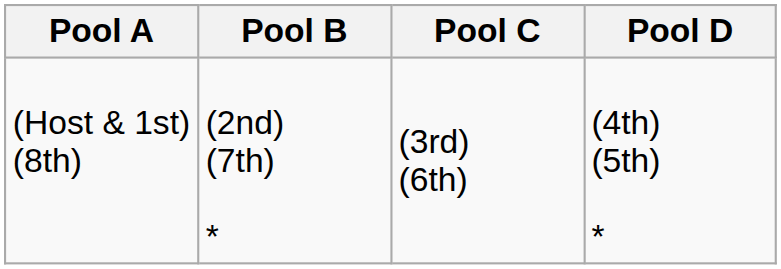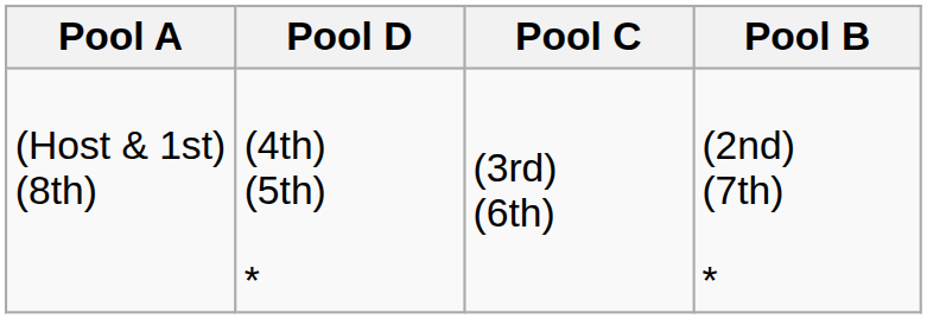 <table class="wikitable">
 <tr>
 <th width=25%>Pool A</th>
+<th width=25%>Pool D</th>
+<th width=25%>Pool C</th>
 <th width=25%>Pool B</th>
-<th width=25%>Pool C</th>
-<th width=25%>Pool D</th>
 </tr>
 <tr>
 <td valign=top><br> (Host & 1st)<br>  (8th)<br> <br></td>
+<td><br> (4th)<br>  (5th)<br> <br> <s></s> *</td>
+<td><br> (3rd)<br>  (6th)<br> <br> </td>
 <td><br> (2nd)<br>  (7th)<br> <br> <s></s> *</td>
-<td><br> (3rd)<br>  (6th)<br> <br> </td>
-<td><br> (4th)<br>  (5th)<br> <br> <s></s> *</td>
 </tr>
 </table>
